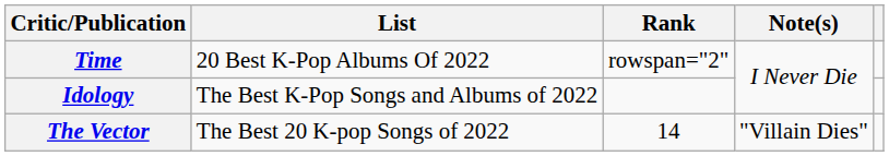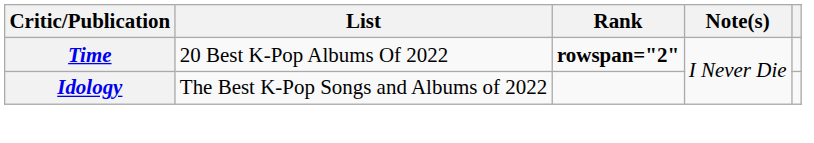 <table class="wikitable plainrowheaders">
 <tr>
 <th scope="col">Critic/Publication</th>
 <th scope="col">List</th>
 <th scope="col">Rank</th>
 <th scope="col">Note(s)</th>
 <th scope="col"></th>
 </tr>
 <tr>
 <th scope="row"><em><a href='#'>Time</a></em></th>
 <td>20 Best K-Pop Albums Of 2022</td>
-<td>rowspan="2" </td>
+<td><strong>rowspan="2" </strong></td>
 <td rowspan="2" align="center"><em>I Never Die</em></td>
 <td align="center"></td>
 </tr>
 <tr>
 <th scope="row"><em><a href='#'>Idology</a></em></th>
 <td>The Best K-Pop Songs and Albums of 2022</td>
 <td align="center"></td>
 </tr>
-<tr>
-<th scope="row"><em><a href='#'>The Vector</a></em></th>
-<td>The Best 20 K-pop Songs of 2022</td>
-<td align="center">14</td>
-<td align="center">"Villain Dies"</td>
-<td align="center"></td>
-</tr>
 </table>
